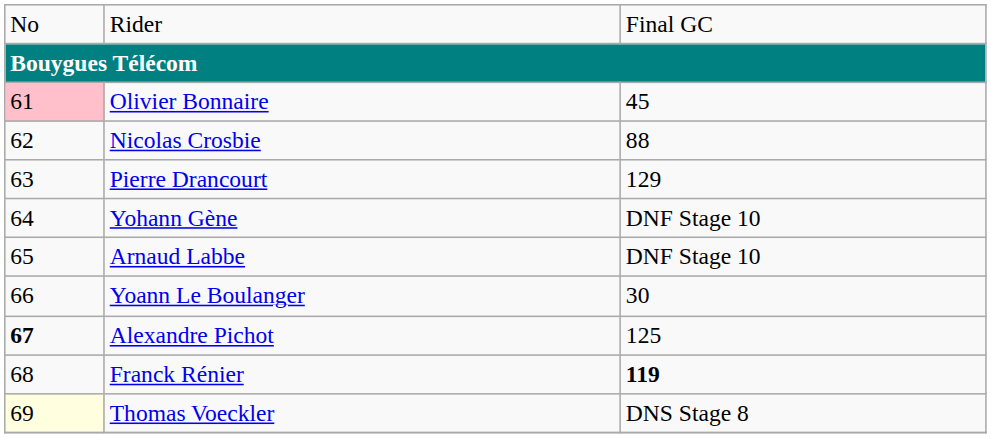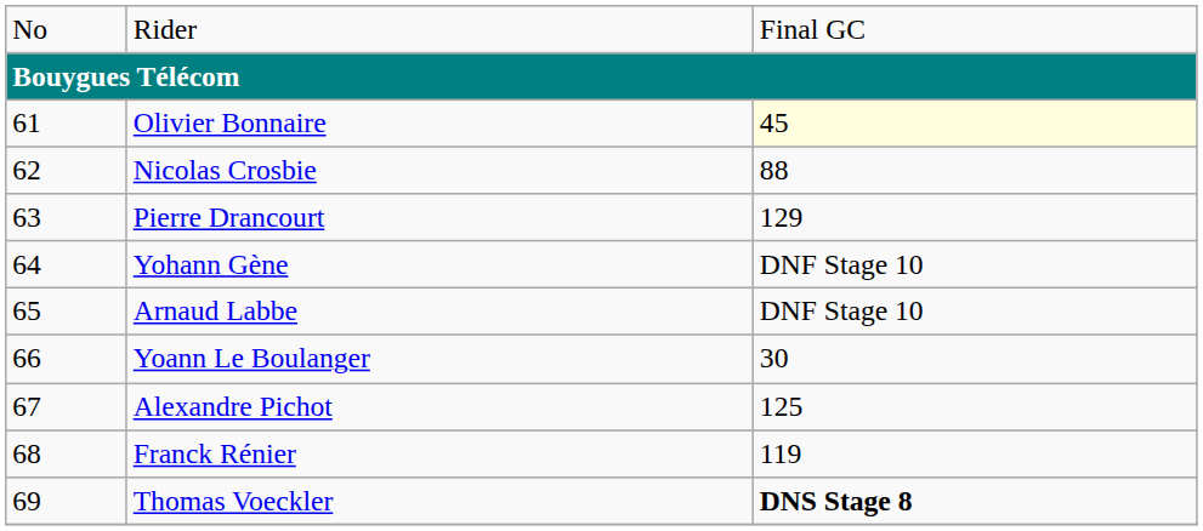 <table class=wikitable style="font-size:95%" width="40%">
 <tr>
 <td>No</td>
 <td>Rider</td>
 <td>Final GC</td>
 </tr>
 <tr>
 <td colspan=3 bgcolor=teal style= "color: white"><strong>Bouygues Télécom</strong></td>
 </tr>
 <tr>
-<td style="background: pink;">61</td>
+<td>61</td>
 <td> <a href='#'>Olivier Bonnaire</a></td>
-<td>45</td>
+<td style="background: lightyellow;">45</td>
 </tr>
 <tr>
 <td>62</td>
 <td> <a href='#'>Nicolas Crosbie</a></td>
 <td>88</td>
 </tr>
 <tr>
 <td>63</td>
 <td> <a href='#'>Pierre Drancourt</a></td>
 <td>129</td>
 </tr>
 <tr>
 <td>64</td>
 <td> <a href='#'>Yohann Gène</a></td>
 <td>DNF Stage 10</td>
 </tr>
 <tr>
 <td>65</td>
 <td> <a href='#'>Arnaud Labbe</a></td>
 <td>DNF Stage 10</td>
 </tr>
 <tr>
 <td>66</td>
 <td> <a href='#'>Yoann Le Boulanger</a></td>
 <td>30</td>
 </tr>
 <tr>
-<td><strong>67</strong></td>
+<td>67</td>
 <td> <a href='#'>Alexandre Pichot</a></td>
 <td>125</td>
 </tr>
 <tr>
 <td>68</td>
 <td> <a href='#'>Franck Rénier</a></td>
-<td><strong>119</strong></td>
+<td>119</td>
 </tr>
 <tr>
-<td style="background: lightyellow;">69</td>
+<td>69</td>
 <td> <a href='#'>Thomas Voeckler</a></td>
-<td>DNS Stage 8</td>
+<td><strong>DNS Stage 8</strong></td>
 </tr>
 <tr>
 </tr>
 </table>
